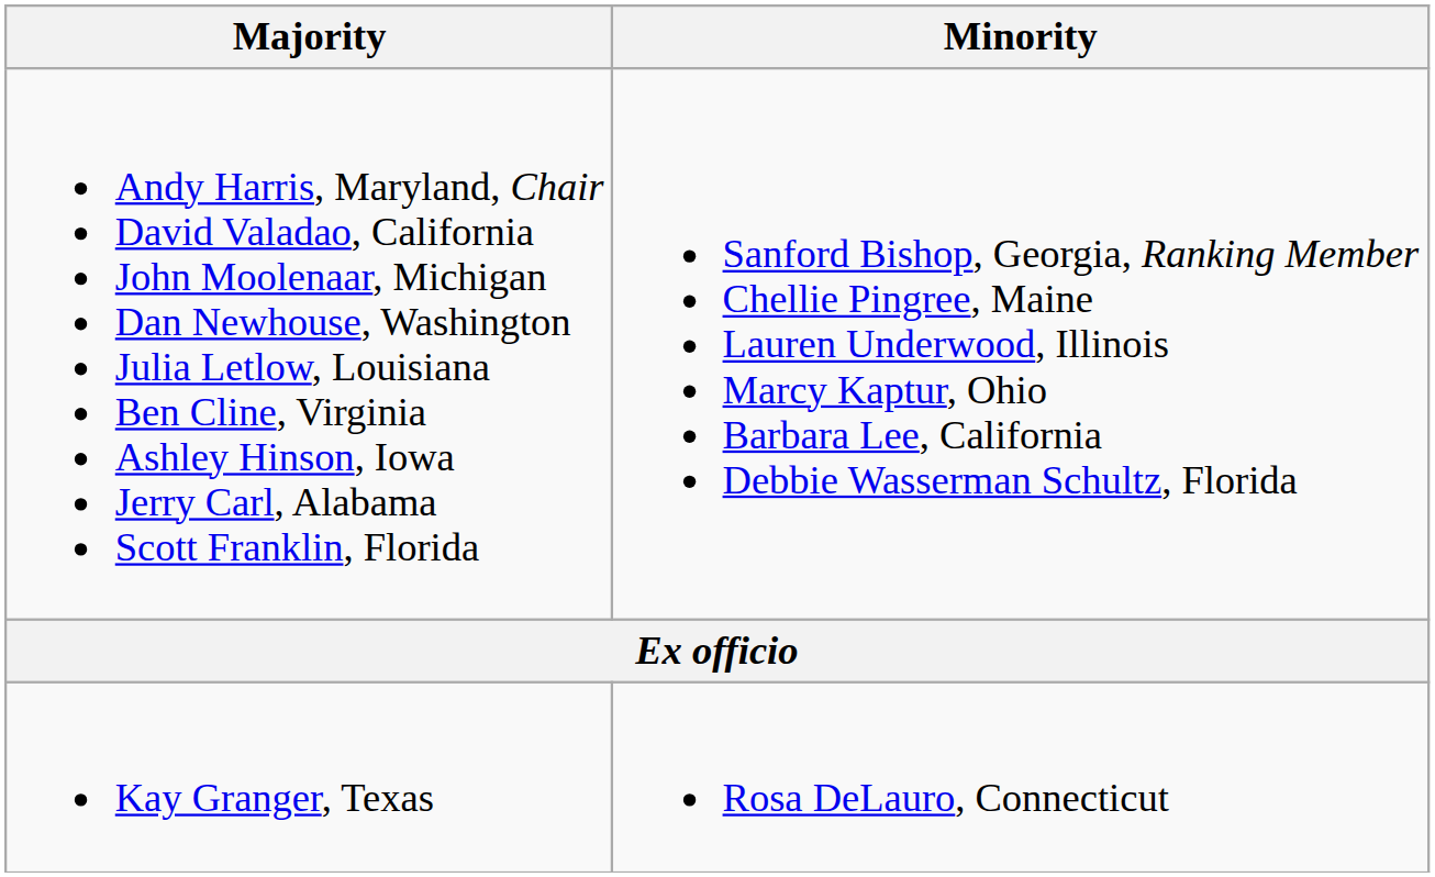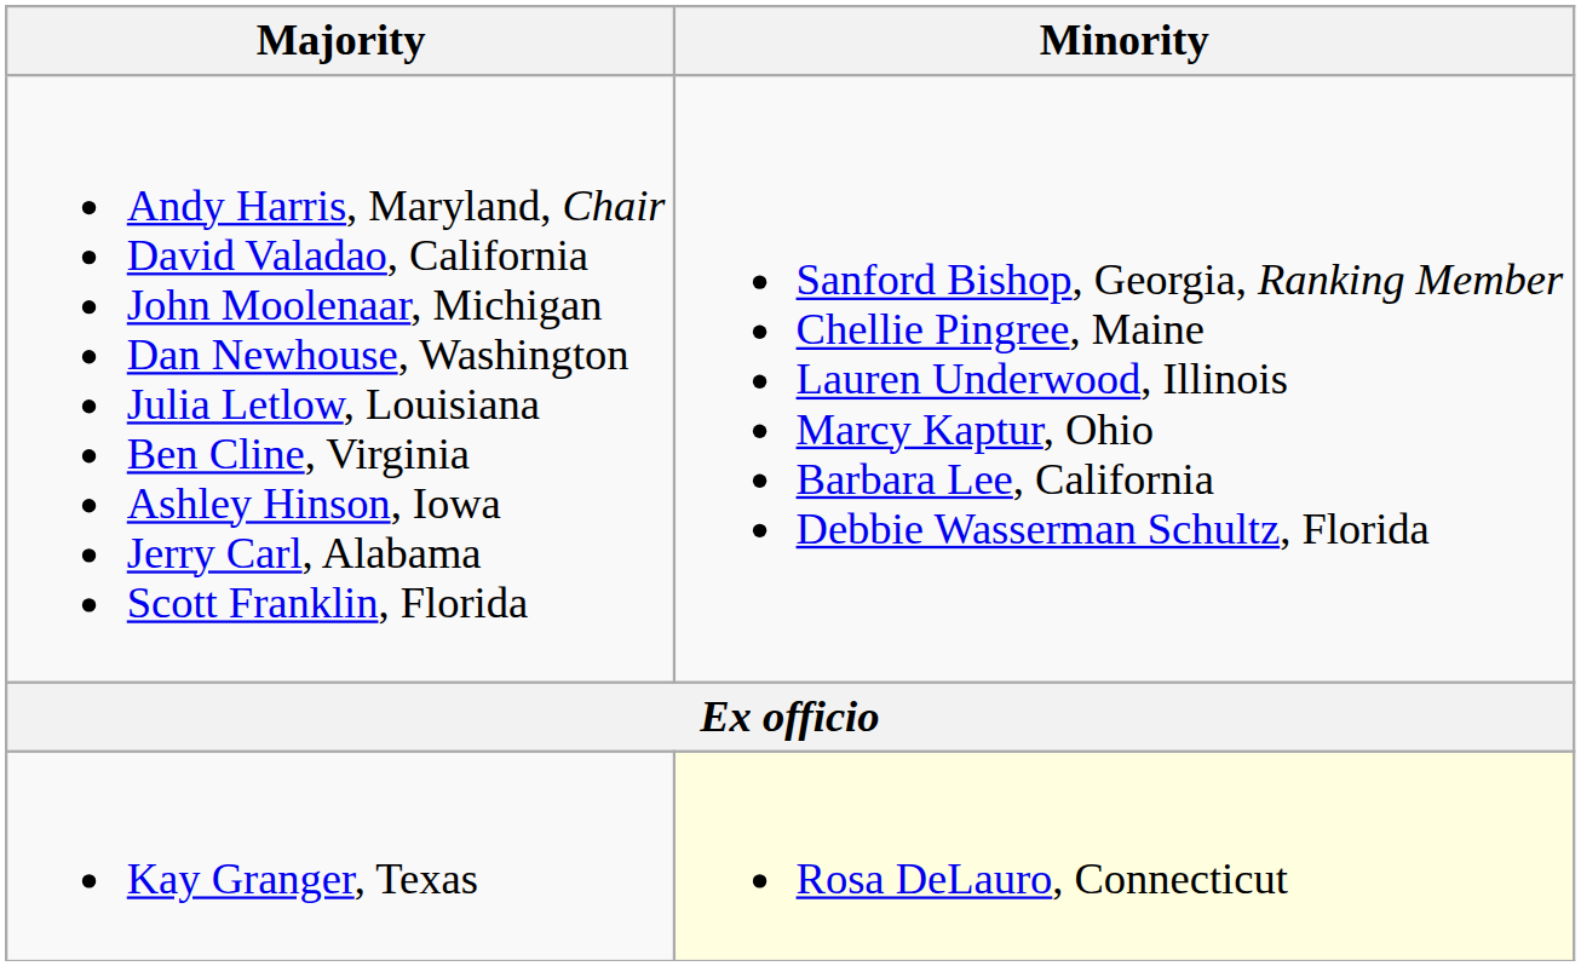 <table class=wikitable>
 <tr>
 <th>Majority</th>
 <th>Minority</th>
 </tr>
 <tr>
 <td><br><ul><li><a href='#'>Andy Harris</a>, Maryland, <em>Chair</em></li><li><a href='#'>David Valadao</a>, California</li><li><a href='#'>John Moolenaar</a>, Michigan</li><li><a href='#'>Dan Newhouse</a>, Washington</li><li><a href='#'>Julia Letlow</a>, Louisiana</li><li><a href='#'>Ben Cline</a>, Virginia</li><li><a href='#'>Ashley Hinson</a>, Iowa</li><li><a href='#'>Jerry Carl</a>, Alabama</li><li><a href='#'>Scott Franklin</a>, Florida</li></ul></td>
 <td><br><ul><li><a href='#'>Sanford Bishop</a>, Georgia, <em>Ranking Member</em></li><li><a href='#'>Chellie Pingree</a>, Maine</li><li><a href='#'>Lauren Underwood</a>, Illinois</li><li><a href='#'>Marcy Kaptur</a>, Ohio</li><li><a href='#'>Barbara Lee</a>, California</li><li><a href='#'>Debbie Wasserman Schultz</a>, Florida</li></ul></td>
 </tr>
 <tr>
 <th colspan=2><em>Ex officio</em></th>
 </tr>
 <tr>
 <td><br><ul><li><a href='#'>Kay Granger</a>, Texas</li></ul></td>
-<td><br><ul><li><a href='#'>Rosa DeLauro</a>, Connecticut</li></ul></td>
+<td style="background: lightyellow;"><br><ul><li><a href='#'>Rosa DeLauro</a>, Connecticut</li></ul></td>
 </tr>
 </table>
